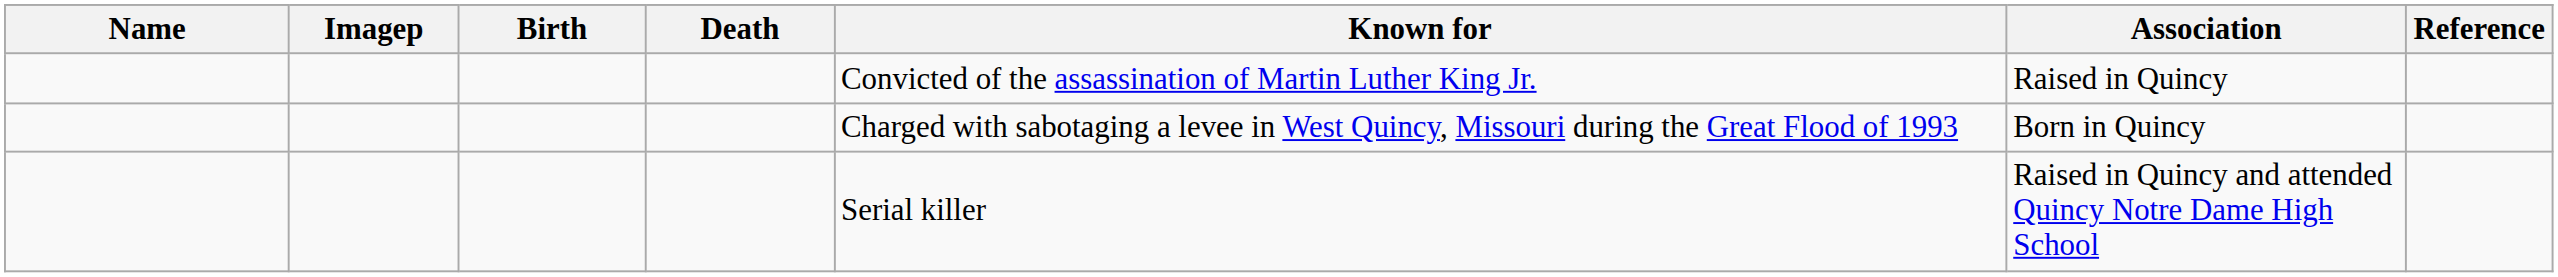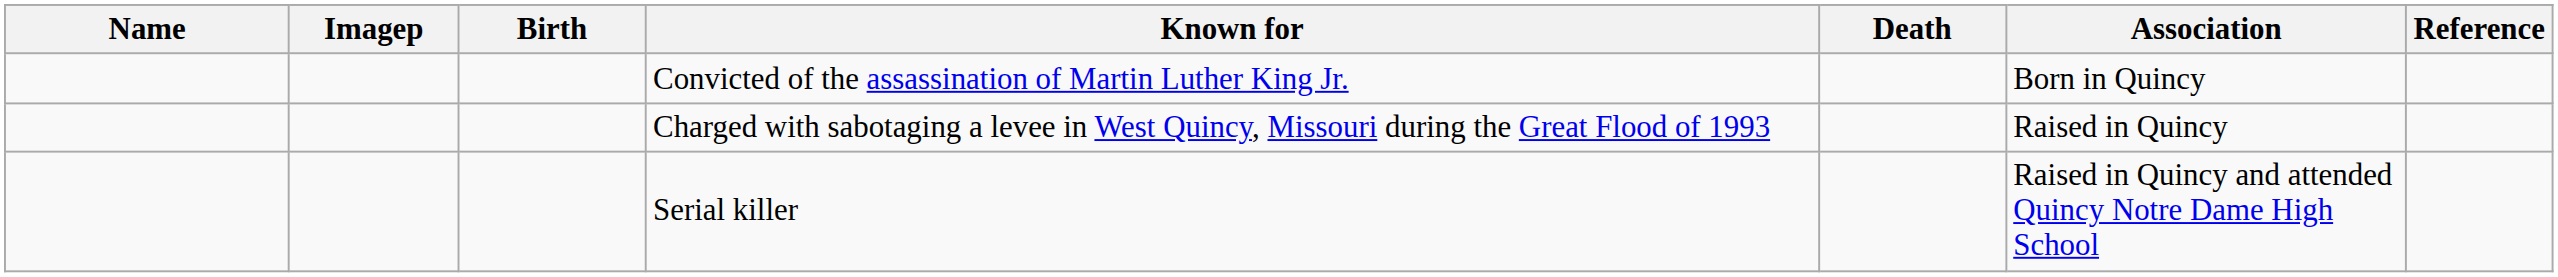 <table class="wikitable sortable">
 <tr>
 <th scope="col" style="width:140px;">Name</th>
 <th scope="col" style="width:80px;" class="unsortable">Imagep</th>
 <th scope="col" style="width:90px;">Birth</th>
+<th scope="col" style="width:600px;" class="unsortable">Known for</th>
 <th scope="col" style="width:90px;">Death</th>
-<th scope="col" style="width:600px;" class="unsortable">Known for</th>
 <th scope="col" style="width:200px;" class="unsortable">Association</th>
 <th scope="col" style="width:30px;" class="unsortable">Reference</th>
 </tr>
 <tr>
 <td></td>
 <td></td>
 <td align=right></td>
+<td>Convicted of the <a href='#'>assassination of Martin Luther King Jr.</a></td>
 <td align=right></td>
-<td>Convicted of the <a href='#'>assassination of Martin Luther King Jr.</a></td>
+<td>Born in Quincy</td>
+<td style="text-align:center;"></td>
+</tr>
+<tr>
+<td></td>
+<td></td>
+<td align=right></td>
+<td>Charged with sabotaging a levee in <a href='#'>West Quincy</a>, <a href='#'>Missouri</a> during the <a href='#'>Great Flood of 1993</a></td>
+<td></td>
 <td>Raised in Quincy</td>
 <td style="text-align:center;"></td>
 </tr>
 <tr>
 <td></td>
 <td></td>
 <td align=right></td>
+<td>Serial killer</td>
 <td></td>
-<td>Charged with sabotaging a levee in <a href='#'>West Quincy</a>, <a href='#'>Missouri</a> during the <a href='#'>Great Flood of 1993</a></td>
-<td>Born in Quincy</td>
-<td style="text-align:center;"></td>
-</tr>
-<tr>
-<td></td>
-<td></td>
-<td align=right></td>
-<td></td>
-<td>Serial killer</td>
 <td>Raised in Quincy and attended <a href='#'>Quincy Notre Dame High School</a></td>
 <td style="text-align:center;"></td>
 </tr>
 </table>
